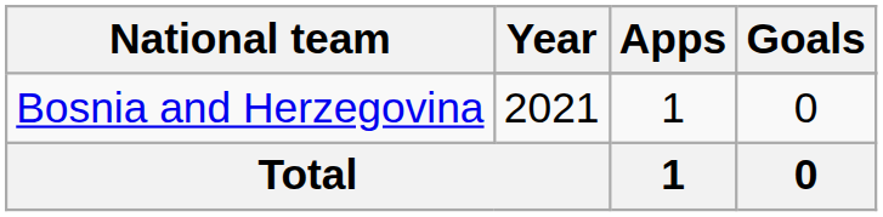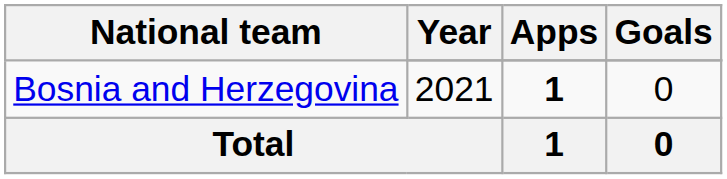 <table class=wikitable style=text-align:center>
 <tr>
 <th>National team</th>
 <th>Year</th>
 <th>Apps</th>
 <th>Goals</th>
 </tr>
 <tr>
 <td rowspan=2><a href='#'>Bosnia and Herzegovina</a></td>
 </tr>
 <tr>
 <td>2021</td>
-<td>1</td>
+<td><strong>1</strong></td>
 <td>0</td>
 </tr>
 <tr>
 <th colspan=2>Total</th>
 <th>1</th>
 <th>0</th>
 </tr>
 </table>
